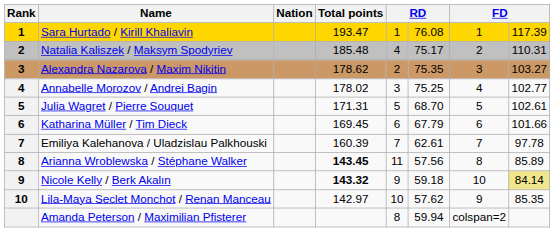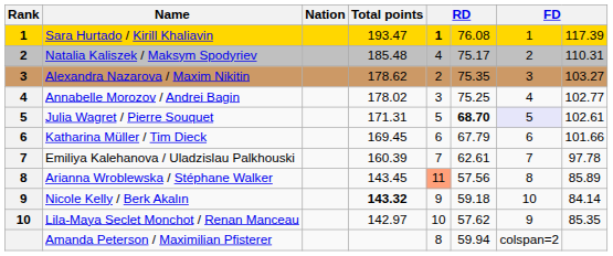 <table class="wikitable sortable">
 <tr>
 <th>Rank</th>
 <th>Name</th>
 <th>Nation</th>
 <th>Total points</th>
 <th colspan="2" width="80px"><a href='#'>RD</a></th>
 <th colspan="2" width="80px"><a href='#'>FD</a></th>
 </tr>
 <tr bgcolor="gold">
 <td align="center"><strong>1</strong></td>
 <td><a href='#'>Sara Hurtado</a> / <a href='#'>Kirill Khaliavin</a></td>
 <td></td>
 <td align="center">193.47</td>
-<td align="center">1</td>
+<td align="center"><strong>1</strong></td>
 <td align="center">76.08</td>
 <td align="center">1</td>
 <td align="center">117.39</td>
 </tr>
 <tr bgcolor="silver">
 <td align="center"><strong>2</strong></td>
 <td><a href='#'>Natalia Kaliszek</a> / <a href='#'>Maksym Spodyriev</a></td>
 <td></td>
 <td align="center">185.48</td>
 <td align="center">4</td>
 <td align="center">75.17</td>
 <td align="center">2</td>
 <td align="center">110.31</td>
 </tr>
 <tr bgcolor="cc9966">
 <td align="center"><strong>3</strong></td>
 <td><a href='#'>Alexandra Nazarova</a> / <a href='#'>Maxim Nikitin</a></td>
 <td></td>
 <td align="center">178.62</td>
 <td align="center">2</td>
 <td align="center">75.35</td>
 <td align="center">3</td>
 <td align="center">103.27</td>
 </tr>
 <tr>
 <th>4</th>
 <td><a href='#'>Annabelle Morozov</a> / <a href='#'>Andrei Bagin</a></td>
 <td></td>
 <td align="center">178.02</td>
 <td align="center">3</td>
 <td align="center">75.25</td>
 <td align="center">4</td>
 <td align="center">102.77</td>
 </tr>
 <tr>
 <th>5</th>
 <td><a href='#'>Julia Wagret</a> / <a href='#'>Pierre Souquet</a></td>
 <td></td>
 <td align="center">171.31</td>
 <td align="center">5</td>
-<td align="center">68.70</td>
-<td align="center">5</td>
+<td align="center"><strong>68.70</strong></td>
+<td align="center" style="background: lavender;">5</td>
 <td align="center">102.61</td>
 </tr>
 <tr>
 <th>6</th>
 <td><a href='#'>Katharina Müller</a> / <a href='#'>Tim Dieck</a></td>
 <td></td>
 <td align="center">169.45</td>
 <td align="center">6</td>
 <td align="center">67.79</td>
 <td align="center">6</td>
 <td align="center">101.66</td>
 </tr>
 <tr>
 <th>7</th>
 <td>Emiliya Kalehanova / Uladzislau Palkhouski</td>
 <td></td>
 <td align="center">160.39</td>
 <td align="center">7</td>
 <td align="center">62.61</td>
 <td align="center">7</td>
 <td align="center">97.78</td>
 </tr>
 <tr>
 <th>8</th>
 <td><a href='#'>Arianna Wroblewska</a> / <a href='#'>Stéphane Walker</a></td>
 <td></td>
-<td align="center"><strong>143.45</strong></td>
-<td align="center">11</td>
+<td align="center">143.45</td>
+<td align="center" style="background: lightsalmon;">11</td>
 <td align="center">57.56</td>
 <td align="center">8</td>
 <td align="center">85.89</td>
 </tr>
 <tr>
 <th>9</th>
 <td><a href='#'>Nicole Kelly</a> / <a href='#'>Berk Akalın</a></td>
 <td></td>
 <td align="center"><strong>143.32</strong></td>
 <td align="center">9</td>
 <td align="center">59.18</td>
 <td align="center">10</td>
-<td align="center" style="background: khaki;">84.14</td>
+<td align="center">84.14</td>
 </tr>
 <tr>
 <th>10</th>
 <td><a href='#'>Lila-Maya Seclet Monchot</a> / <a href='#'>Renan Manceau</a></td>
 <td></td>
 <td align="center">142.97</td>
 <td align="center">10</td>
 <td align="center">57.62</td>
 <td align="center">9</td>
 <td align="center">85.35</td>
 </tr>
 <tr>
 <th></th>
 <td><a href='#'>Amanda Peterson</a> / <a href='#'>Maximilian Pfisterer</a></td>
 <td></td>
 <td></td>
 <td align="center">8</td>
 <td align="center">59.94</td>
 <td>colspan=2 </td>
 </tr>
 </table>
